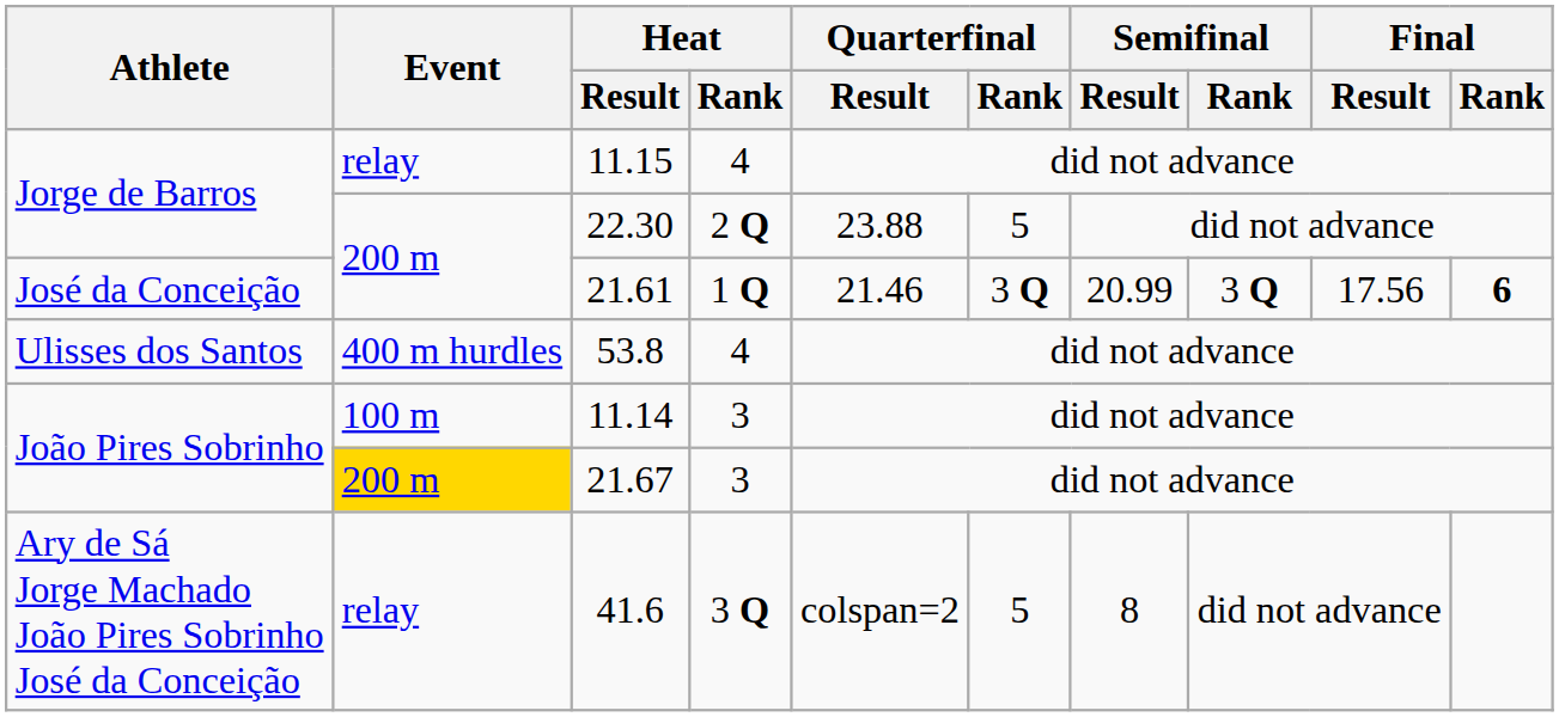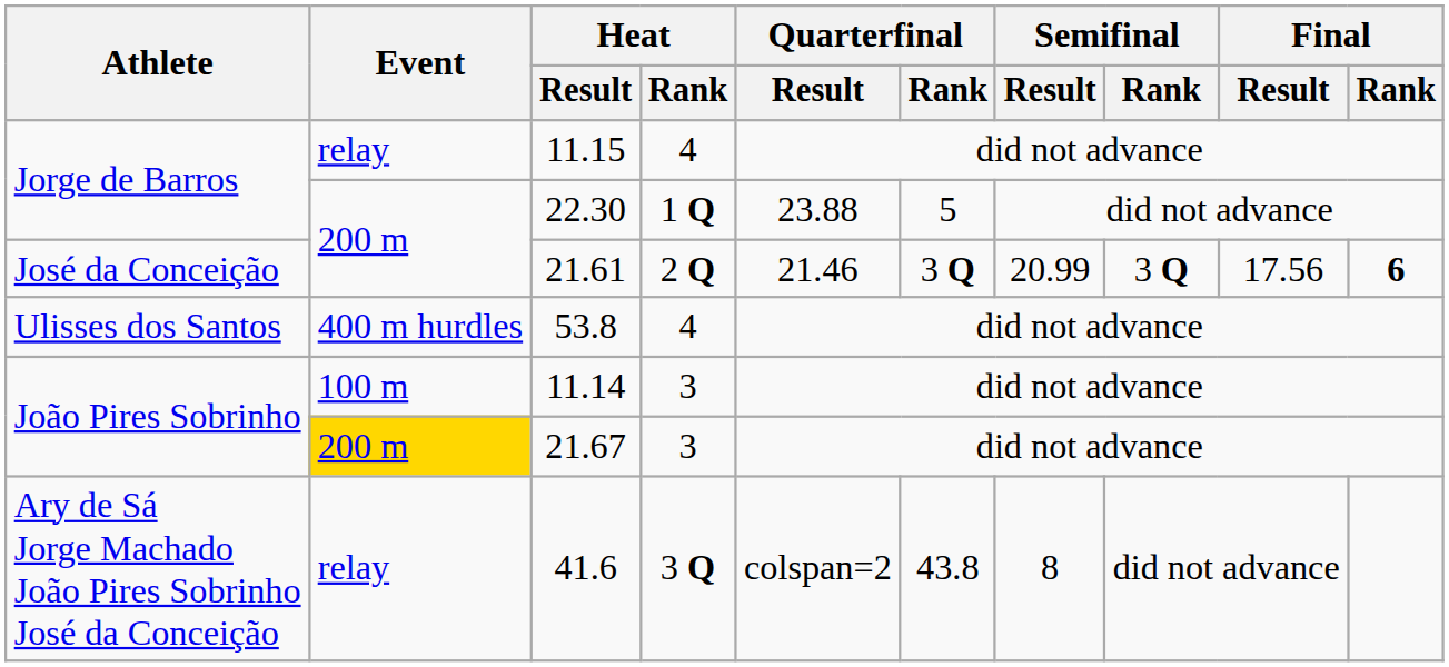 <table class="wikitable" style="font-size:90%">
 <tr>
 <th rowspan="2">Athlete</th>
 <th rowspan="2">Event</th>
 <th colspan="2">Heat</th>
 <th colspan="2">Quarterfinal</th>
 <th colspan="2">Semifinal</th>
 <th colspan="2">Final</th>
 </tr>
 <tr style="font-size:95%">
 <th>Result</th>
 <th>Rank</th>
 <th>Result</th>
 <th>Rank</th>
 <th>Result</th>
 <th>Rank</th>
 <th>Result</th>
 <th>Rank</th>
 </tr>
 <tr align=center>
 <td align=left rowspan="2"><a href='#'>Jorge de Barros</a></td>
 <td align=left><a href='#'> relay</a></td>
 <td>11.15</td>
 <td>4</td>
 <td colspan=6>did not advance</td>
 </tr>
 <tr align=center>
 <td align=left rowspan="2"><a href='#'>200 m</a></td>
 <td>22.30</td>
-<td>2 <strong>Q</strong></td>
+<td>1 <strong>Q</strong></td>
 <td>23.88</td>
 <td>5</td>
 <td colspan=4>did not advance</td>
 </tr>
 <tr align=center>
 <td align=left rowspan="1"><a href='#'>José da Conceição</a></td>
 <td>21.61</td>
-<td>1 <strong>Q</strong></td>
+<td>2 <strong>Q</strong></td>
 <td>21.46</td>
 <td>3 <strong>Q</strong></td>
 <td>20.99</td>
 <td>3 <strong>Q</strong></td>
 <td>17.56</td>
 <td><strong>6</strong></td>
 </tr>
 <tr align=center>
 <td align=left><a href='#'>Ulisses dos Santos</a></td>
 <td align=left><a href='#'>400 m hurdles</a></td>
 <td>53.8</td>
 <td>4</td>
 <td colspan=6>did not advance</td>
 </tr>
 <tr align=center>
 <td align=left rowspan="2"><a href='#'>João Pires Sobrinho</a></td>
 <td align=left><a href='#'>100 m</a></td>
 <td>11.14</td>
 <td>3</td>
 <td colspan=6>did not advance</td>
 </tr>
 <tr align=center>
 <td align=left style="background: gold;"><a href='#'>200 m</a></td>
 <td>21.67</td>
 <td>3</td>
 <td colspan=6>did not advance</td>
 </tr>
 <tr align=center>
 <td align=left><a href='#'>Ary de Sá</a><br><a href='#'>Jorge Machado</a><br><a href='#'>João Pires Sobrinho</a><br><a href='#'>José da Conceição</a></td>
 <td align=left><a href='#'> relay</a></td>
 <td>41.6</td>
 <td>3 <strong>Q</strong></td>
 <td>colspan=2 </td>
-<td>5</td>
+<td>43.8</td>
 <td>8</td>
 <td colspan=2>did not advance</td>
 </tr>
 </table>
